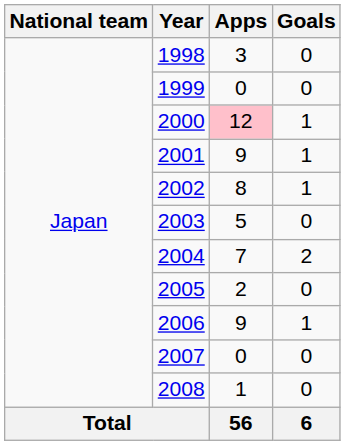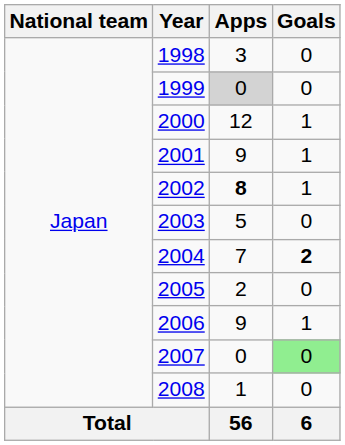 <table class="wikitable" style="text-align:center">
 <tr>
 <th>National team</th>
 <th>Year</th>
 <th>Apps</th>
 <th>Goals</th>
 </tr>
 <tr>
 <td rowspan="11"><a href='#'>Japan</a></td>
 <td><a href='#'>1998</a></td>
 <td>3</td>
 <td>0</td>
 </tr>
 <tr>
 <td><a href='#'>1999</a></td>
-<td>0</td>
+<td style="background: lightgrey;">0</td>
 <td>0</td>
 </tr>
 <tr>
 <td><a href='#'>2000</a></td>
-<td style="background: pink;">12</td>
+<td>12</td>
 <td>1</td>
 </tr>
 <tr>
 <td><a href='#'>2001</a></td>
 <td>9</td>
 <td>1</td>
 </tr>
 <tr>
 <td><a href='#'>2002</a></td>
-<td>8</td>
+<td><strong>8</strong></td>
 <td>1</td>
 </tr>
 <tr>
 <td><a href='#'>2003</a></td>
 <td>5</td>
 <td>0</td>
 </tr>
 <tr>
 <td><a href='#'>2004</a></td>
 <td>7</td>
-<td>2</td>
+<td><strong>2</strong></td>
 </tr>
 <tr>
 <td><a href='#'>2005</a></td>
 <td>2</td>
 <td>0</td>
 </tr>
 <tr>
 <td><a href='#'>2006</a></td>
 <td>9</td>
 <td>1</td>
 </tr>
 <tr>
 <td><a href='#'>2007</a></td>
 <td>0</td>
-<td>0</td>
+<td style="background: lightgreen;">0</td>
 </tr>
 <tr>
 <td><a href='#'>2008</a></td>
 <td>1</td>
 <td>0</td>
 </tr>
 <tr>
 <th colspan="2">Total</th>
 <th>56</th>
 <th>6</th>
 </tr>
 </table>
